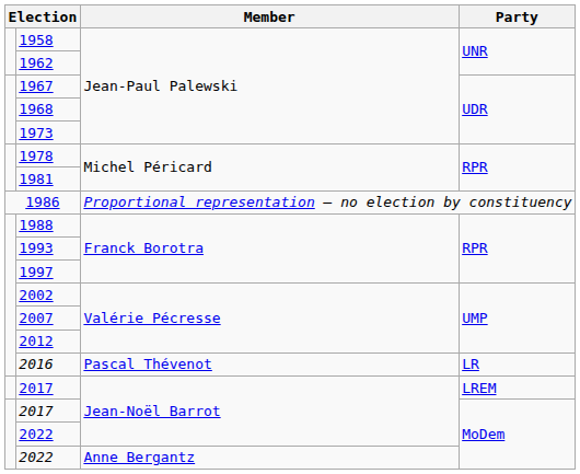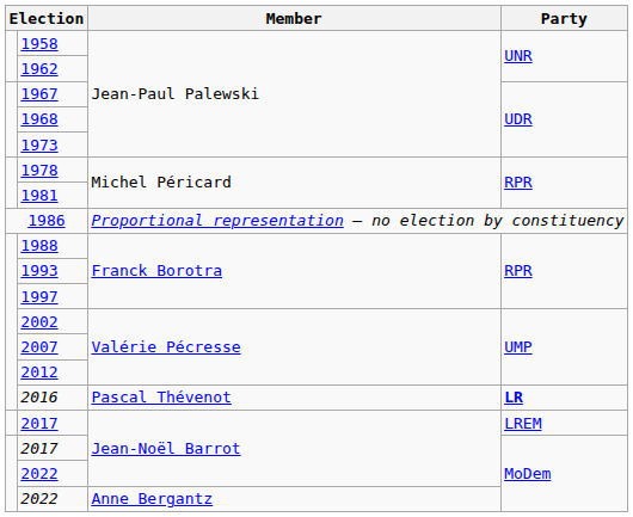 <table class="wikitable">
 <tr>
 <th colspan=2>Election</th>
 <th>Member</th>
 <th>Party</th>
 </tr>
 <tr>
 <td rowspan="2" style="color:inherit;background-color: "></td>
 <td><a href='#'>1958</a></td>
 <td rowspan="5">Jean-Paul Palewski</td>
 <td rowspan="2"><a href='#'>UNR</a></td>
 </tr>
 <tr>
 <td><a href='#'>1962</a></td>
 </tr>
 <tr>
 <td rowspan="3" style="color:inherit;background-color: "></td>
 <td><a href='#'>1967</a></td>
 <td rowspan="3"><a href='#'>UDR</a></td>
 </tr>
 <tr>
 <td><a href='#'>1968</a></td>
 </tr>
 <tr>
 <td><a href='#'>1973</a></td>
 </tr>
 <tr>
 <td rowspan="2" style="color:inherit;background-color: "></td>
 <td><a href='#'>1978</a></td>
 <td rowspan="2">Michel Péricard</td>
 <td rowspan="2"><a href='#'>RPR</a></td>
 </tr>
 <tr>
 <td><a href='#'>1981</a></td>
 </tr>
 <tr>
 <td colspan=2 align="center"><a href='#'>1986</a></td>
 <td colspan=2><em><a href='#'>Proportional representation</a> – no election by constituency</em></td>
 </tr>
 <tr>
 <td rowspan="7" style="color:inherit;background-color: "></td>
 <td><a href='#'>1988</a></td>
 <td rowspan="3"><a href='#'>Franck Borotra</a></td>
 <td rowspan="3"><a href='#'>RPR</a></td>
 </tr>
 <tr>
 <td><a href='#'>1993</a></td>
 </tr>
 <tr>
 <td><a href='#'>1997</a></td>
 </tr>
 <tr>
 <td><a href='#'>2002</a></td>
 <td rowspan="3"><a href='#'>Valérie Pécresse</a></td>
 <td rowspan="3"><a href='#'>UMP</a></td>
 </tr>
 <tr>
 <td><a href='#'>2007</a></td>
 </tr>
 <tr>
 <td><a href='#'>2012</a></td>
 </tr>
 <tr>
 <td><em>2016</em></td>
 <td><a href='#'>Pascal Thévenot</a></td>
-<td><a href='#'>LR</a></td>
+<td><strong><a href='#'>LR</a></strong></td>
 </tr>
 <tr>
 <td style="color:inherit;background-color: "></td>
 <td><a href='#'>2017</a></td>
 <td rowspan="3"><a href='#'>Jean-Noël Barrot</a></td>
 <td><a href='#'>LREM</a></td>
 </tr>
 <tr>
 <td rowspan="3" style="color:inherit;background-color: "></td>
 <td><em>2017</em></td>
 <td rowspan="3"><a href='#'>MoDem</a></td>
 </tr>
 <tr>
 <td><a href='#'>2022</a></td>
 </tr>
 <tr>
 <td><em>2022</em></td>
 <td><a href='#'>Anne Bergantz</a></td>
 </tr>
 </table>
